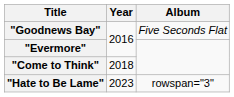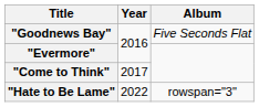 <table class="wikitable plainrowheaders" style="text-align:center;">
 <tr>
 <th scope="col">Title</th>
 <th scope="col">Year</th>
 <th scope="col">Album</th>
 </tr>
 <tr>
 <th scope="row">"Goodnews Bay"<br></th>
 <td rowspan="2">2016</td>
 <td><em>Five Seconds Flat</em></td>
 </tr>
 <tr>
 <th scope="row">"Evermore"<br></th>
 </tr>
 <tr>
 <th scope="row">"Come to Think"<br></th>
-<td>2018</td>
+<td>2017</td>
 </tr>
 <tr>
 <th scope="row">"Hate to Be Lame"<br></th>
-<td>2023</td>
+<td>2022</td>
 <td>rowspan="3" </td>
 </tr>
 </table>
